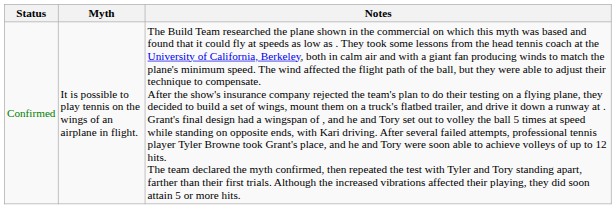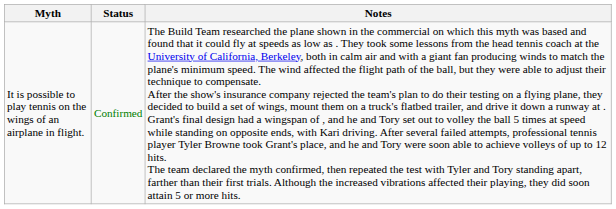 <table class="wikitable plainrowheaders">
 <tr>
+<th scope"col">Myth</th>
 <th scope"col">Status</th>
-<th scope"col">Myth</th>
 <th scope"col">Notes</th>
 </tr>
 <tr>
+<td scope"row">It is possible to play tennis on the wings of an airplane in flight.</td>
 <td style="color:green">Confirmed</td>
-<td scope"row">It is possible to play tennis on the wings of an airplane in flight.</td>
 <td>The Build Team researched the plane shown in the commercial on which this myth was based and found that it could fly at speeds as low as . They took some lessons from the head tennis coach at the <a href='#'>University of California, Berkeley</a>, both in calm air and with a giant fan producing winds to match the plane's minimum speed. The wind affected the flight path of the ball, but they were able to adjust their technique to compensate.<br>After the show's insurance company rejected the team's plan to do their testing on a flying plane, they decided to build a set of wings, mount them on a truck's flatbed trailer, and drive it down a runway at . Grant's final design had a wingspan of , and he and Tory set out to volley the ball 5 times at speed while standing on opposite ends, with Kari driving. After several failed attempts, professional tennis player Tyler Browne took Grant's place, and he and Tory were soon able to achieve volleys of up to 12 hits.<br>The team declared the myth confirmed, then repeated the test with Tyler and Tory standing  apart, farther than their first trials. Although the increased vibrations affected their playing, they did soon attain 5 or more hits.</td>
 </tr>
 </table>
